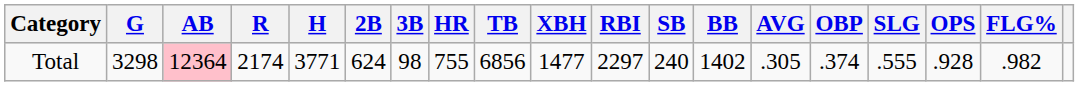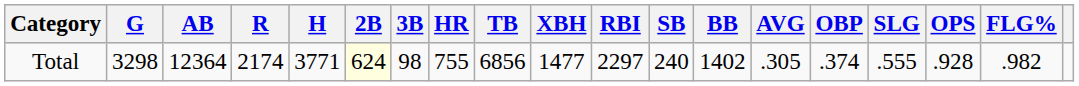 <table class="wikitable" style="font-size:95%;text-align:center;">
 <tr>
 <th>Category</th>
 <th><a href='#'>G</a></th>
 <th><a href='#'>AB</a></th>
 <th><a href='#'>R</a></th>
 <th><a href='#'>H</a></th>
 <th><a href='#'>2B</a></th>
 <th><a href='#'>3B</a></th>
 <th><a href='#'>HR</a></th>
 <th><a href='#'>TB</a></th>
 <th><a href='#'>XBH</a></th>
 <th><a href='#'>RBI</a></th>
 <th><a href='#'>SB</a></th>
 <th><a href='#'>BB</a></th>
 <th><a href='#'>AVG</a></th>
 <th><a href='#'>OBP</a></th>
 <th><a href='#'>SLG</a></th>
 <th><a href='#'>OPS</a></th>
 <th><a href='#'>FLG%</a></th>
 <th></th>
 </tr>
 <tr>
 <td>Total</td>
 <td>3298</td>
-<td style="background: pink;">12364</td>
+<td>12364</td>
 <td>2174</td>
 <td>3771</td>
-<td>624</td>
+<td style="background: lightyellow;">624</td>
 <td>98</td>
 <td>755</td>
 <td>6856</td>
 <td>1477</td>
 <td>2297</td>
 <td>240</td>
 <td>1402</td>
 <td>.305</td>
 <td>.374</td>
 <td>.555</td>
 <td>.928</td>
 <td>.982</td>
 <td></td>
 </tr>
 </table>
